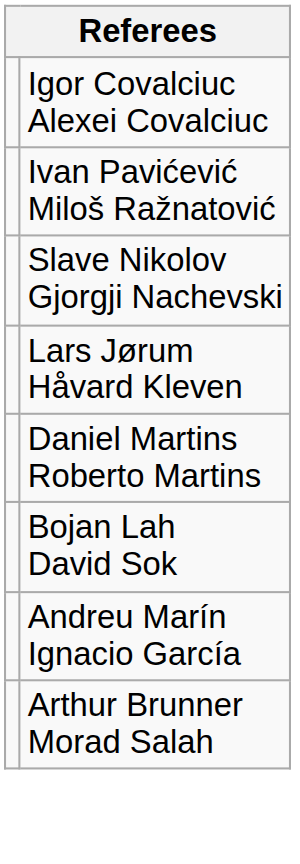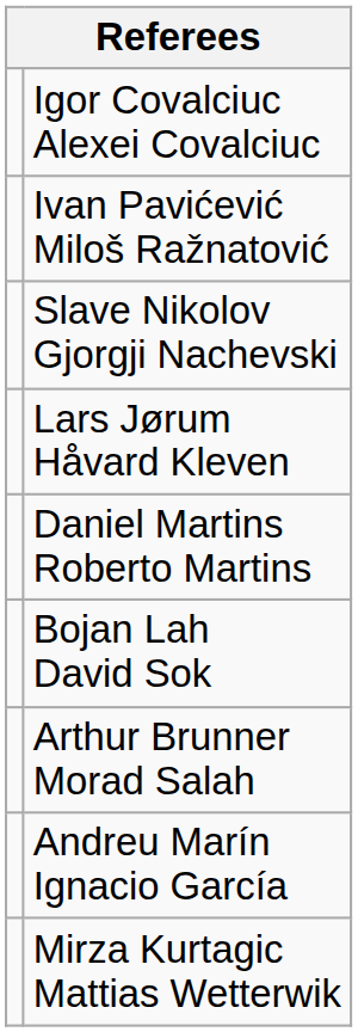 <table class="wikitable" style="display: inline-table;">
 <tr>
 <th colspan="2">Referees</th>
 </tr>
 <tr>
 <td></td>
 <td>Igor Covalciuc<br>Alexei Covalciuc</td>
 </tr>
 <tr>
 <td></td>
 <td>Ivan Pavićević<br>Miloš Ražnatović</td>
 </tr>
 <tr>
 <td></td>
 <td>Slave Nikolov<br>Gjorgji Nachevski</td>
 </tr>
 <tr>
 <td></td>
 <td>Lars Jørum<br>Håvard Kleven</td>
 </tr>
 <tr>
 <td></td>
 <td>Daniel Martins<br>Roberto Martins</td>
 </tr>
 <tr>
 <td></td>
 <td>Bojan Lah<br>David Sok</td>
 </tr>
 <tr>
 <td></td>
+<td>Arthur Brunner<br>Morad Salah</td>
+</tr>
+<tr>
+<td></td>
 <td>Andreu Marín<br>Ignacio García</td>
 </tr>
 <tr>
 <td></td>
-<td>Arthur Brunner<br>Morad Salah</td>
+<td>Mirza Kurtagic<br>Mattias Wetterwik</td>
 </tr>
 </table>
